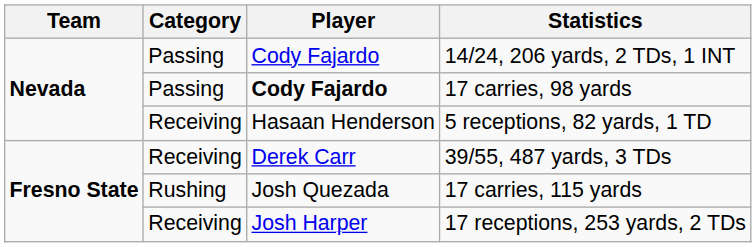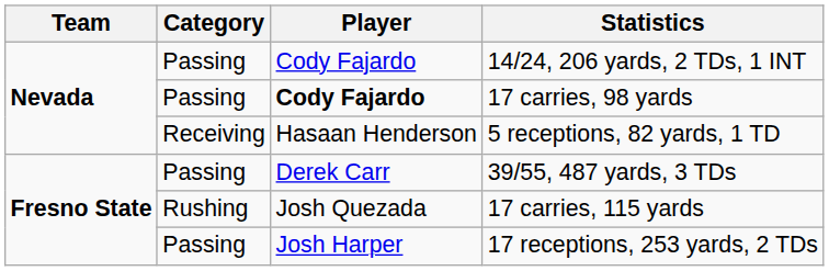 <table class="wikitable" style="float: left;">
 <tr>
 <th>Team</th>
 <th>Category</th>
 <th>Player</th>
 <th>Statistics</th>
 </tr>
 <tr>
 <td rowspan=3><strong>Nevada</strong></td>
 <td>Passing</td>
 <td><a href='#'>Cody Fajardo</a></td>
 <td>14/24, 206 yards, 2 TDs, 1 INT</td>
 </tr>
 <tr>
 <td>Passing</td>
 <td><strong>Cody Fajardo</strong></td>
 <td>17 carries, 98 yards</td>
 </tr>
 <tr>
 <td>Receiving</td>
 <td>Hasaan Henderson</td>
 <td>5 receptions, 82 yards, 1 TD</td>
 </tr>
 <tr>
 <td rowspan=3><strong>Fresno State</strong></td>
-<td>Receiving</td>
+<td>Passing</td>
 <td><a href='#'>Derek Carr</a></td>
 <td>39/55, 487 yards, 3 TDs</td>
 </tr>
 <tr>
 <td>Rushing</td>
 <td>Josh Quezada</td>
 <td>17 carries, 115 yards</td>
 </tr>
 <tr>
-<td>Receiving</td>
+<td>Passing</td>
 <td><a href='#'>Josh Harper</a></td>
 <td>17 receptions, 253 yards, 2 TDs</td>
 </tr>
 </table>
